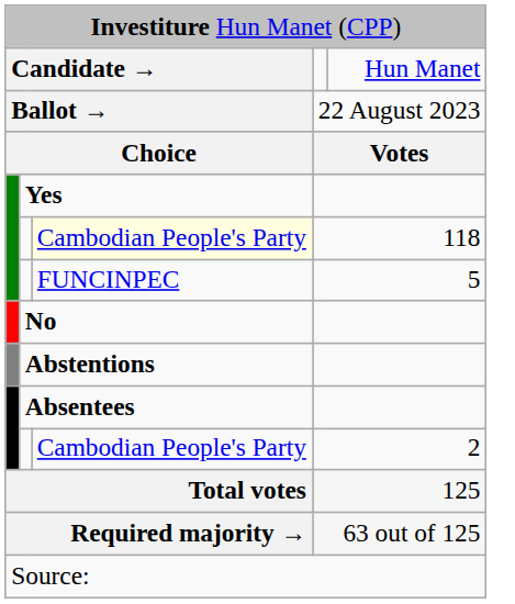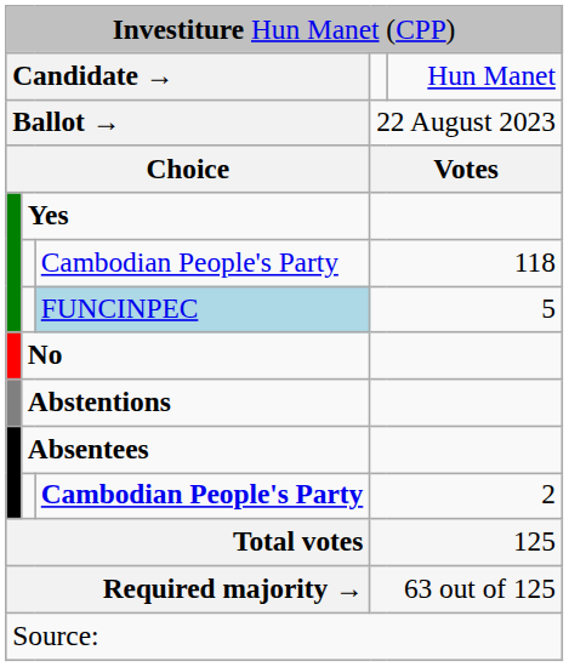 <table class="wikitable" style="font-size:90%; text-align:center;">
 <tr>
 <td colspan="5" style="background-color:#C0C0C0;"><strong>Investiture</strong> <a href='#'>Hun Manet</a> (<a href='#'>CPP</a>)</td>
 </tr>
 <tr>
 <th colspan="3" style="text-align:left;">Candidate →</th>
 <td style="background:"></td>
 <td style="text-align: right;"><a href='#'>Hun Manet</a></td>
 </tr>
 <tr>
 <th colspan="3" style="text-align:left;">Ballot →</th>
 <td colspan="2" style="text-align:right;">22 August 2023</td>
 </tr>
 <tr>
 <th colspan="3">Choice</th>
 <th colspan="2">Votes</th>
 </tr>
 <tr>
 <td rowspan="3" style="background-color:#008000; width:1px"></td>
 <td colspan="2" style="text-align:left;"><strong>Yes</strong></td>
 <td colspan="2" style="text-align:right;"></td>
 </tr>
 <tr>
 <td style="background:"></td>
-<td style="background: lightyellow; text-align:left;"><a href='#'>Cambodian People's Party</a></td>
+<td style="text-align:left;"><a href='#'>Cambodian People's Party</a></td>
 <td colspan="2" style="text-align:right;">118</td>
 </tr>
 <tr>
 <td style="background:"></td>
-<td style="text-align:left;"><a href='#'>FUNCINPEC</a></td>
+<td style="background: lightblue; text-align:left;"><a href='#'>FUNCINPEC</a></td>
 <td colspan="2" style="text-align:right;">5</td>
 </tr>
 <tr>
 <td style="background-color:#FF0000; width:1px"></td>
 <td colspan="2" style="text-align:left;"><strong>No</strong></td>
 <td colspan="2" style="text-align:right;"></td>
 </tr>
 <tr>
 <td style="background-color:#808080; width:1px"></td>
 <td colspan="2" style="text-align:left;"><strong>Abstentions</strong></td>
 <td colspan="2" style="text-align:right;"></td>
 </tr>
 <tr>
 <td rowspan="2" style="background-color:#000000; width:1px"></td>
 <td colspan="2" style="text-align:left;"><strong>Absentees</strong></td>
 <td colspan="2" style="text-align:right;"></td>
 </tr>
 <tr>
 <td style="background:"></td>
-<td style="text-align:left;"><a href='#'>Cambodian People's Party</a></td>
+<td style="text-align:left;"><strong><a href='#'>Cambodian People's Party</a></strong></td>
 <td colspan="2" style="text-align:right;">2</td>
 </tr>
 <tr style="background-color:#F6F6F6;">
 <th colspan="3" style="text-align:right;">Total votes</th>
 <td colspan="2" style="text-align:right;">125</td>
 </tr>
 <tr style="background-color:#F6F6F6;">
 <th colspan="3" style="text-align:right;">Required majority →</th>
 <td colspan="2" style="text-align:right;">63 out of 125 </td>
 </tr>
 <tr>
 <td colspan="5" style="text-align:left;">Source:</td>
 </tr>
 </table>
